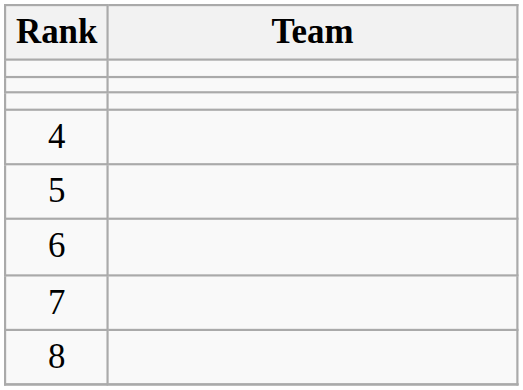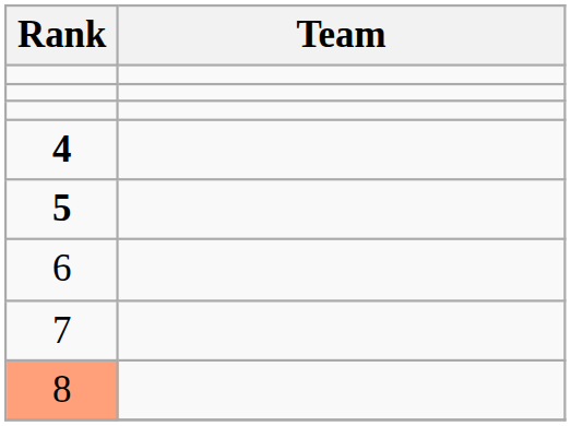 <table class="wikitable" style="text-align:center;">
 <tr>
 <th width=40>Rank</th>
 <th width=180>Team</th>
 </tr>
 <tr>
 <td></td>
 <td align=left></td>
 </tr>
 <tr>
 <td></td>
 <td align=left></td>
 </tr>
 <tr>
 <td></td>
 <td align=left></td>
 </tr>
 <tr>
-<td>4</td>
+<td><strong>4</strong></td>
 <td align=left></td>
 </tr>
 <tr>
-<td>5</td>
+<td><strong>5</strong></td>
 <td align=left></td>
 </tr>
 <tr>
 <td>6</td>
 <td align=left></td>
 </tr>
 <tr>
 <td>7</td>
 <td align=left></td>
 </tr>
 <tr>
-<td>8</td>
+<td style="background: lightsalmon;">8</td>
 <td align=left></td>
 </tr>
 <tr>
 </tr>
 </table>
